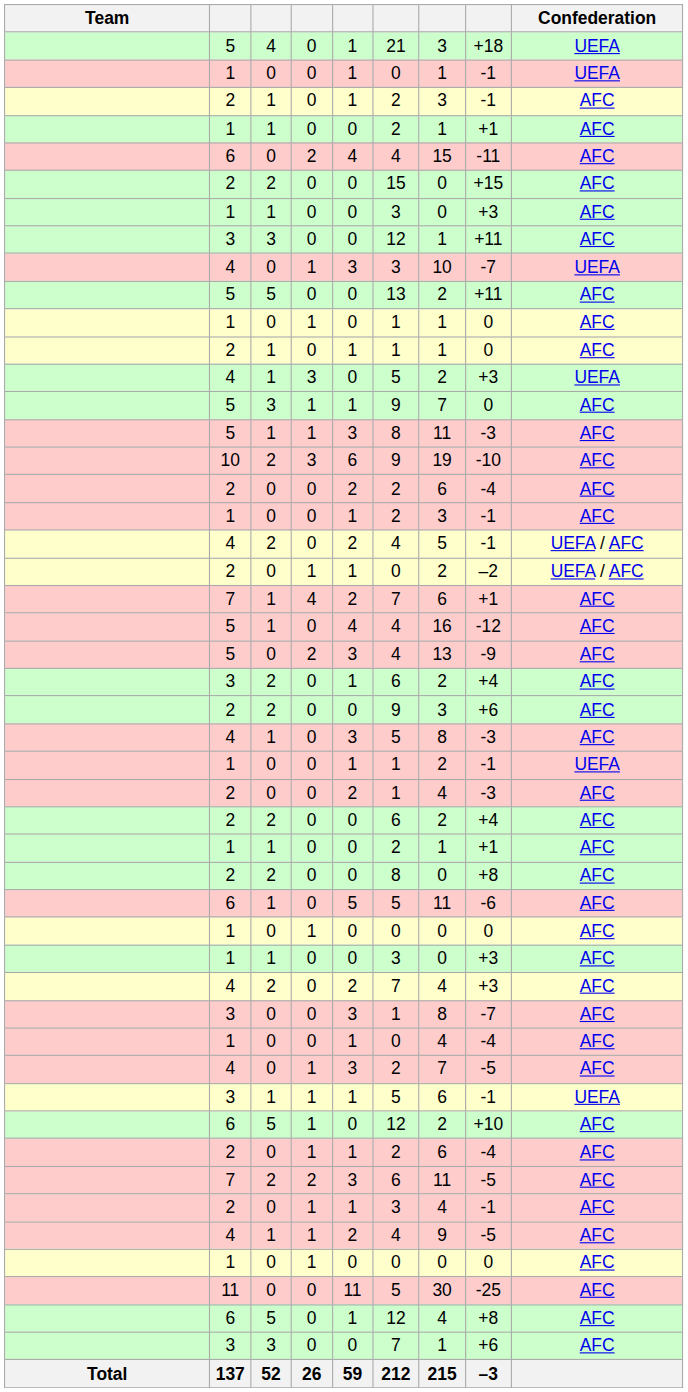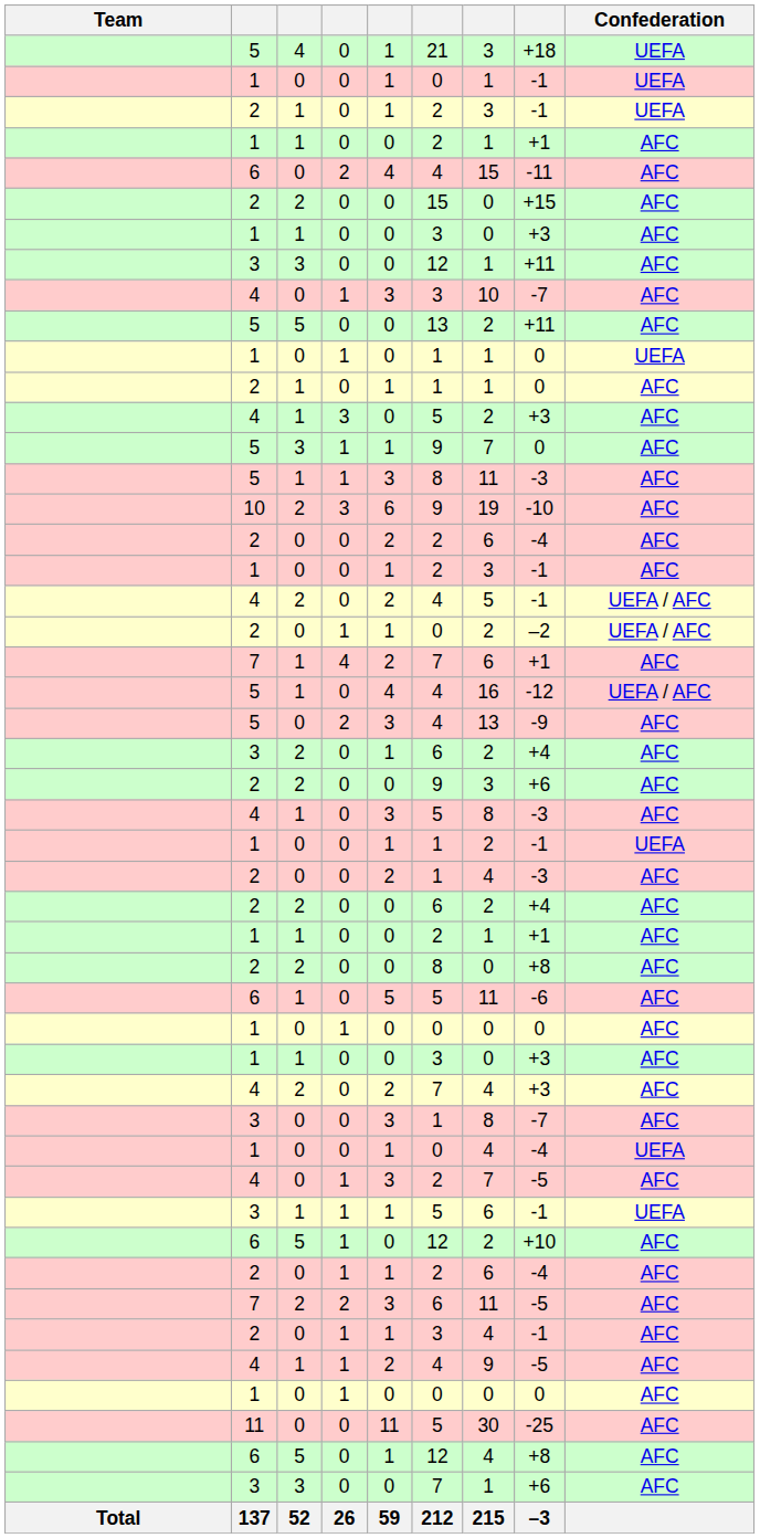 <table class="wikitable sortable" style="text-align:center;">
 <tr>
 <th width=181>Team</th>
 <th width=30></th>
 <th width=30></th>
 <th width=30></th>
 <th width=30></th>
 <th width=35></th>
 <th width=35></th>
 <th width=35></th>
 <th width=150>Confederation</th>
 </tr>
 <tr bgcolor=#CCFFCC>
 <td align="left"></td>
 <td>5</td>
 <td>4</td>
 <td>0</td>
 <td>1</td>
 <td>21</td>
 <td>3</td>
 <td>+18</td>
 <td><a href='#'>UEFA</a></td>
 </tr>
 <tr bgcolor=#FFCCCC>
 <td align="left"></td>
 <td>1</td>
 <td>0</td>
 <td>0</td>
 <td>1</td>
 <td>0</td>
 <td>1</td>
 <td>-1</td>
 <td><a href='#'>UEFA</a></td>
 </tr>
 <tr bgcolor=#FFFFCC>
 <td align="left"></td>
 <td>2</td>
 <td>1</td>
 <td>0</td>
 <td>1</td>
 <td>2</td>
 <td>3</td>
 <td>-1</td>
-<td><a href='#'>AFC</a></td>
+<td><a href='#'>UEFA</a></td>
 </tr>
 <tr bgcolor=#CCFFCC>
 <td align="left"></td>
 <td>1</td>
 <td>1</td>
 <td>0</td>
 <td>0</td>
 <td>2</td>
 <td>1</td>
 <td>+1</td>
 <td><a href='#'>AFC</a></td>
 </tr>
 <tr bgcolor=#FFCCCC>
 <td align="left"></td>
 <td>6</td>
 <td>0</td>
 <td>2</td>
 <td>4</td>
 <td>4</td>
 <td>15</td>
 <td>-11</td>
 <td><a href='#'>AFC</a></td>
 </tr>
 <tr bgcolor=#CCFFCC>
 <td align="left"></td>
 <td>2</td>
 <td>2</td>
 <td>0</td>
 <td>0</td>
 <td>15</td>
 <td>0</td>
 <td>+15</td>
 <td><a href='#'>AFC</a></td>
 </tr>
 <tr bgcolor=#CCFFCC>
 <td align="left"></td>
 <td>1</td>
 <td>1</td>
 <td>0</td>
 <td>0</td>
 <td>3</td>
 <td>0</td>
 <td>+3</td>
 <td><a href='#'>AFC</a></td>
 </tr>
 <tr bgcolor=#CCFFCC>
 <td align="left"></td>
 <td>3</td>
 <td>3</td>
 <td>0</td>
 <td>0</td>
 <td>12</td>
 <td>1</td>
 <td>+11</td>
 <td><a href='#'>AFC</a></td>
 </tr>
 <tr bgcolor=#FFCCCC>
 <td align="left"></td>
 <td>4</td>
 <td>0</td>
 <td>1</td>
 <td>3</td>
 <td>3</td>
 <td>10</td>
 <td>-7</td>
-<td><a href='#'>UEFA</a></td>
+<td><a href='#'>AFC</a></td>
 </tr>
 <tr bgcolor=#CCFFCC>
 <td align="left"></td>
 <td>5</td>
 <td>5</td>
 <td>0</td>
 <td>0</td>
 <td>13</td>
 <td>2</td>
 <td>+11</td>
 <td><a href='#'>AFC</a></td>
 </tr>
 <tr bgcolor=#FFFFCC>
 <td align="left"></td>
 <td>1</td>
 <td>0</td>
 <td>1</td>
 <td>0</td>
 <td>1</td>
 <td>1</td>
 <td>0</td>
-<td><a href='#'>AFC</a></td>
+<td><a href='#'>UEFA</a></td>
 </tr>
 <tr bgcolor=#FFFFCC>
 <td align="left"></td>
 <td>2</td>
 <td>1</td>
 <td>0</td>
 <td>1</td>
 <td>1</td>
 <td>1</td>
 <td>0</td>
 <td><a href='#'>AFC</a></td>
 </tr>
 <tr bgcolor=#CCFFCC>
 <td align="left"></td>
 <td>4</td>
 <td>1</td>
 <td>3</td>
 <td>0</td>
 <td>5</td>
 <td>2</td>
 <td>+3</td>
-<td><a href='#'>UEFA</a></td>
+<td><a href='#'>AFC</a></td>
 </tr>
 <tr bgcolor=#CCFFCC>
 <td align="left"></td>
 <td>5</td>
 <td>3</td>
 <td>1</td>
 <td>1</td>
 <td>9</td>
 <td>7</td>
 <td>0</td>
 <td><a href='#'>AFC</a></td>
 </tr>
 <tr bgcolor=#FFCCCC>
 <td align="left"></td>
 <td>5</td>
 <td>1</td>
 <td>1</td>
 <td>3</td>
 <td>8</td>
 <td>11</td>
 <td>-3</td>
 <td><a href='#'>AFC</a></td>
 </tr>
 <tr bgcolor=#FFCCCC>
 <td align="left"></td>
 <td>10</td>
 <td>2</td>
 <td>3</td>
 <td>6</td>
 <td>9</td>
 <td>19</td>
 <td>-10</td>
 <td><a href='#'>AFC</a></td>
 </tr>
 <tr bgcolor=#FFCCCC>
 <td align="left"></td>
 <td>2</td>
 <td>0</td>
 <td>0</td>
 <td>2</td>
 <td>2</td>
 <td>6</td>
 <td>-4</td>
 <td><a href='#'>AFC</a></td>
 </tr>
 <tr bgcolor=#FFCCCC>
 <td align="left"></td>
 <td>1</td>
 <td>0</td>
 <td>0</td>
 <td>1</td>
 <td>2</td>
 <td>3</td>
 <td>-1</td>
 <td><a href='#'>AFC</a></td>
 </tr>
 <tr bgcolor=#FFFFCC>
 <td align="left"></td>
 <td>4</td>
 <td>2</td>
 <td>0</td>
 <td>2</td>
 <td>4</td>
 <td>5</td>
 <td>-1</td>
 <td><a href='#'>UEFA</a> / <a href='#'>AFC</a></td>
 </tr>
 <tr bgcolor=#FFFFCC>
 <td align="left"></td>
 <td>2</td>
 <td>0</td>
 <td>1</td>
 <td>1</td>
 <td>0</td>
 <td>2</td>
 <td>–2</td>
 <td><a href='#'>UEFA</a> / <a href='#'>AFC</a></td>
 </tr>
 <tr bgcolor=#FFCCCC>
 <td align="left"></td>
 <td>7</td>
 <td>1</td>
 <td>4</td>
 <td>2</td>
 <td>7</td>
 <td>6</td>
 <td>+1</td>
 <td><a href='#'>AFC</a></td>
 </tr>
 <tr bgcolor=#FFCCCC>
 <td align="left"></td>
 <td>5</td>
 <td>1</td>
 <td>0</td>
 <td>4</td>
 <td>4</td>
 <td>16</td>
 <td>-12</td>
-<td><a href='#'>AFC</a></td>
+<td><a href='#'>UEFA</a> / <a href='#'>AFC</a></td>
 </tr>
 <tr bgcolor=#FFCCCC>
 <td align="left"></td>
 <td>5</td>
 <td>0</td>
 <td>2</td>
 <td>3</td>
 <td>4</td>
 <td>13</td>
 <td>-9</td>
 <td><a href='#'>AFC</a></td>
 </tr>
 <tr bgcolor=#CCFFCC>
 <td align="left"></td>
 <td>3</td>
 <td>2</td>
 <td>0</td>
 <td>1</td>
 <td>6</td>
 <td>2</td>
 <td>+4</td>
 <td><a href='#'>AFC</a></td>
 </tr>
 <tr bgcolor=#CCFFCC>
 <td align="left"></td>
 <td>2</td>
 <td>2</td>
 <td>0</td>
 <td>0</td>
 <td>9</td>
 <td>3</td>
 <td>+6</td>
 <td><a href='#'>AFC</a></td>
 </tr>
 <tr bgcolor=#FFCCCC>
 <td align="left"></td>
 <td>4</td>
 <td>1</td>
 <td>0</td>
 <td>3</td>
 <td>5</td>
 <td>8</td>
 <td>-3</td>
 <td><a href='#'>AFC</a></td>
 </tr>
 <tr bgcolor=#FFCCCC>
 <td align="left"></td>
 <td>1</td>
 <td>0</td>
 <td>0</td>
 <td>1</td>
 <td>1</td>
 <td>2</td>
 <td>-1</td>
 <td><a href='#'>UEFA</a></td>
 </tr>
 <tr bgcolor=#FFCCCC>
 <td align="left"></td>
 <td>2</td>
 <td>0</td>
 <td>0</td>
 <td>2</td>
 <td>1</td>
 <td>4</td>
 <td>-3</td>
 <td><a href='#'>AFC</a></td>
 </tr>
 <tr bgcolor=#CCFFCC>
 <td align="left"></td>
 <td>2</td>
 <td>2</td>
 <td>0</td>
 <td>0</td>
 <td>6</td>
 <td>2</td>
 <td>+4</td>
 <td><a href='#'>AFC</a></td>
 </tr>
 <tr bgcolor=#CCFFCC>
 <td align="left"></td>
 <td>1</td>
 <td>1</td>
 <td>0</td>
 <td>0</td>
 <td>2</td>
 <td>1</td>
 <td>+1</td>
 <td><a href='#'>AFC</a></td>
 </tr>
 <tr bgcolor=#CCFFCC>
 <td align="left"></td>
 <td>2</td>
 <td>2</td>
 <td>0</td>
 <td>0</td>
 <td>8</td>
 <td>0</td>
 <td>+8</td>
 <td><a href='#'>AFC</a></td>
 </tr>
 <tr bgcolor=#FFCCCC>
 <td align="left"></td>
 <td>6</td>
 <td>1</td>
 <td>0</td>
 <td>5</td>
 <td>5</td>
 <td>11</td>
 <td>-6</td>
 <td><a href='#'>AFC</a></td>
 </tr>
 <tr bgcolor=#FFFFCC>
 <td align="left"></td>
 <td>1</td>
 <td>0</td>
 <td>1</td>
 <td>0</td>
 <td>0</td>
 <td>0</td>
 <td>0</td>
 <td><a href='#'>AFC</a></td>
 </tr>
 <tr bgcolor=#CCFFCC>
 <td align="left"></td>
 <td>1</td>
 <td>1</td>
 <td>0</td>
 <td>0</td>
 <td>3</td>
 <td>0</td>
 <td>+3</td>
 <td><a href='#'>AFC</a></td>
 </tr>
 <tr bgcolor=#FFFFCC>
 <td align="left"></td>
 <td>4</td>
 <td>2</td>
 <td>0</td>
 <td>2</td>
 <td>7</td>
 <td>4</td>
 <td>+3</td>
 <td><a href='#'>AFC</a></td>
 </tr>
 <tr bgcolor=#FFCCCC>
 <td align="left"></td>
 <td>3</td>
 <td>0</td>
 <td>0</td>
 <td>3</td>
 <td>1</td>
 <td>8</td>
 <td>-7</td>
 <td><a href='#'>AFC</a></td>
 </tr>
 <tr bgcolor=#FFCCCC>
 <td align="left"></td>
 <td>1</td>
 <td>0</td>
 <td>0</td>
 <td>1</td>
 <td>0</td>
 <td>4</td>
 <td>-4</td>
-<td><a href='#'>AFC</a></td>
+<td><a href='#'>UEFA</a></td>
 </tr>
 <tr bgcolor=#FFCCCC>
 <td align="left"></td>
 <td>4</td>
 <td>0</td>
 <td>1</td>
 <td>3</td>
 <td>2</td>
 <td>7</td>
 <td>-5</td>
 <td><a href='#'>AFC</a></td>
 </tr>
 <tr bgcolor=#FFFFCC>
 <td align="left"></td>
 <td>3</td>
 <td>1</td>
 <td>1</td>
 <td>1</td>
 <td>5</td>
 <td>6</td>
 <td>-1</td>
 <td><a href='#'>UEFA</a></td>
 </tr>
 <tr bgcolor=#CCFFCC>
 <td align="left"></td>
 <td>6</td>
 <td>5</td>
 <td>1</td>
 <td>0</td>
 <td>12</td>
 <td>2</td>
 <td>+10</td>
 <td><a href='#'>AFC</a></td>
 </tr>
 <tr bgcolor=#FFCCCC>
 <td align="left"></td>
 <td>2</td>
 <td>0</td>
 <td>1</td>
 <td>1</td>
 <td>2</td>
 <td>6</td>
 <td>-4</td>
 <td><a href='#'>AFC</a></td>
 </tr>
 <tr bgcolor=#FFCCCC>
 <td align="left"></td>
 <td>7</td>
 <td>2</td>
 <td>2</td>
 <td>3</td>
 <td>6</td>
 <td>11</td>
 <td>-5</td>
 <td><a href='#'>AFC</a></td>
 </tr>
 <tr bgcolor=#FFCCCC>
 <td align="left"></td>
 <td>2</td>
 <td>0</td>
 <td>1</td>
 <td>1</td>
 <td>3</td>
 <td>4</td>
 <td>-1</td>
 <td><a href='#'>AFC</a></td>
 </tr>
 <tr bgcolor=#FFCCCC>
 <td align="left"></td>
 <td>4</td>
 <td>1</td>
 <td>1</td>
 <td>2</td>
 <td>4</td>
 <td>9</td>
 <td>-5</td>
 <td><a href='#'>AFC</a></td>
 </tr>
 <tr bgcolor=#FFFFCC>
 <td align="left"></td>
 <td>1</td>
 <td>0</td>
 <td>1</td>
 <td>0</td>
 <td>0</td>
 <td>0</td>
 <td>0</td>
 <td><a href='#'>AFC</a></td>
 </tr>
 <tr bgcolor=#FFCCCC>
 <td align="left"></td>
 <td>11</td>
 <td>0</td>
 <td>0</td>
 <td>11</td>
 <td>5</td>
 <td>30</td>
 <td>-25</td>
 <td><a href='#'>AFC</a></td>
 </tr>
 <tr bgcolor=#CCFFCC>
 <td align="left"></td>
 <td>6</td>
 <td>5</td>
 <td>0</td>
 <td>1</td>
 <td>12</td>
 <td>4</td>
 <td>+8</td>
 <td><a href='#'>AFC</a></td>
 </tr>
 <tr bgcolor=#CCFFCC>
 <td align="left"></td>
 <td>3</td>
 <td>3</td>
 <td>0</td>
 <td>0</td>
 <td>7</td>
 <td>1</td>
 <td>+6</td>
 <td><a href='#'>AFC</a></td>
 </tr>
 <tr class="sortbottom">
 <th>Total</th>
 <th>137</th>
 <th>52</th>
 <th>26</th>
 <th>59</th>
 <th>212</th>
 <th>215</th>
 <th>–3</th>
 <th></th>
 </tr>
 </table>
